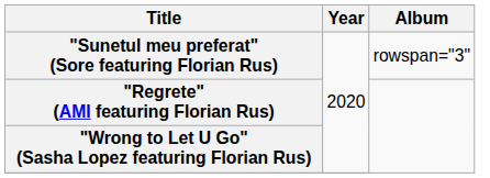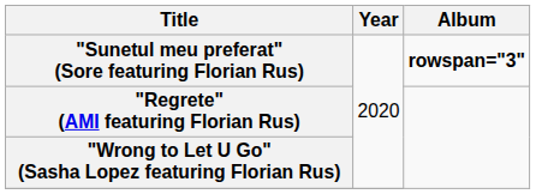 <table class="wikitable plainrowheaders" style="text-align:center;">
 <tr>
 <th scope="col" rowspan="1" style="width:18em;">Title</th>
 <th scope="col" rowspan="1" style="width:1em;">Year</th>
 <th scope="col" rowspan="1">Album</th>
 </tr>
 <tr>
 <th scope="row">"Sunetul meu preferat"<br><span>(Sore featuring Florian Rus)</span></th>
 <td rowspan="3">2020</td>
-<td>rowspan="3" </td>
+<td><strong>rowspan="3" </strong></td>
 </tr>
 <tr>
 <th scope="row">"Regrete"<br><span>(<a href='#'>AMI</a> featuring Florian Rus)</span></th>
 </tr>
 <tr>
 <th scope="row">"Wrong to Let U Go"<br><span>(Sasha Lopez featuring Florian Rus)</span></th>
 </tr>
 <tr>
 </tr>
 </table>
